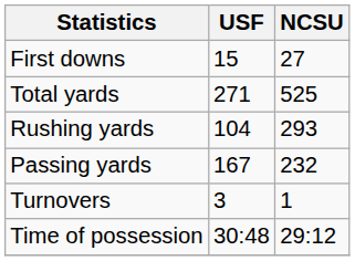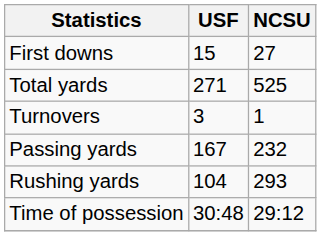 <table class="wikitable">
 <tr>
 <th>Statistics</th>
 <th>USF</th>
 <th>NCSU</th>
 </tr>
 <tr>
 <td>First downs</td>
 <td>15</td>
 <td>27</td>
 </tr>
 <tr>
 <td>Total yards</td>
 <td>271</td>
 <td>525</td>
 </tr>
 <tr>
-<td>Rushing yards</td>
-<td>104</td>
-<td>293</td>
+<td>Turnovers</td>
+<td>3</td>
+<td>1</td>
 </tr>
 <tr>
 <td>Passing yards</td>
 <td>167</td>
 <td>232</td>
 </tr>
 <tr>
-<td>Turnovers</td>
-<td>3</td>
-<td>1</td>
+<td>Rushing yards</td>
+<td>104</td>
+<td>293</td>
 </tr>
 <tr>
 <td>Time of possession</td>
 <td>30:48</td>
 <td>29:12</td>
 </tr>
 <tr>
 </tr>
 </table>
